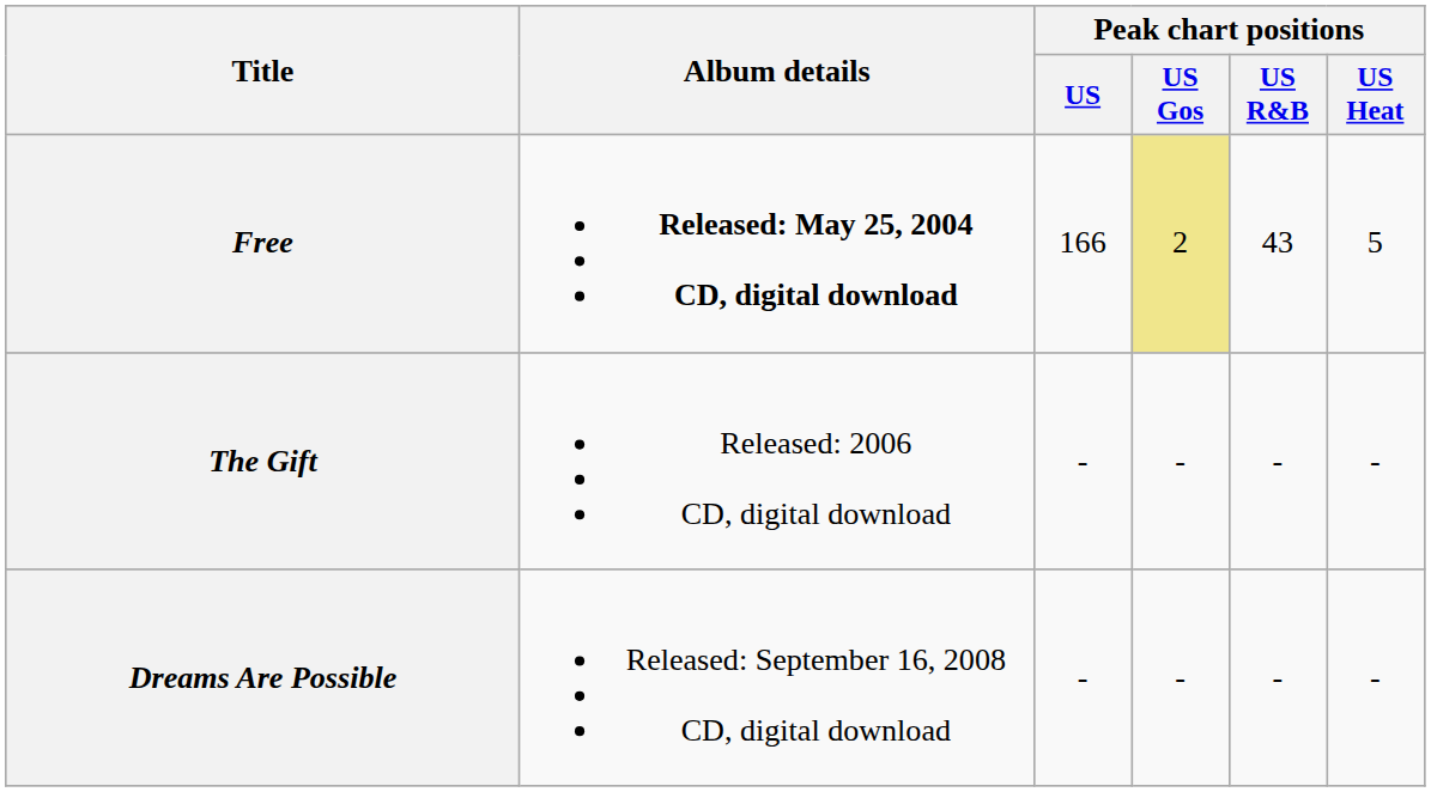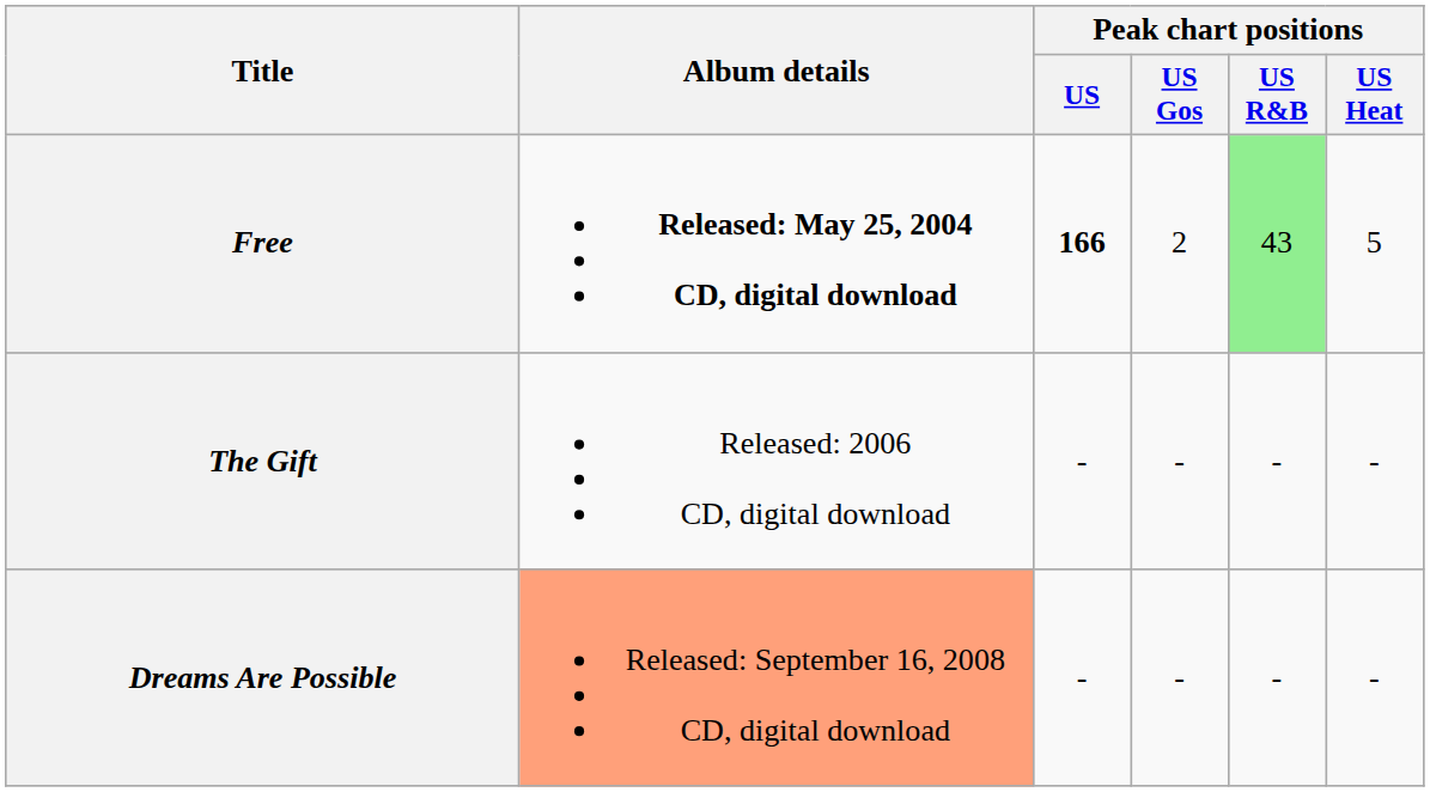 <table class="wikitable plainrowheaders" style="text-align:center;">
 <tr>
 <th scope="col" rowspan="2" style="width:16em;">Title</th>
 <th scope="col" rowspan="2" style="width:16em;">Album details</th>
 <th scope="col" colspan="4">Peak chart positions</th>
 </tr>
 <tr>
 <th style="width:3em; font-size:90%"><a href='#'>US</a></th>
 <th style="width:3em; font-size:90%"><a href='#'>US<br>Gos</a></th>
 <th style="width:3em; font-size:90%"><a href='#'>US<br>R&B</a></th>
 <th style="width:3em; font-size:90%"><a href='#'>US<br>Heat</a></th>
 </tr>
 <tr>
 <th scope="row"><em>Free</em></th>
 <td><strong><br><ul><li>Released: May 25, 2004</li><li></li><li>CD, digital download</li></ul></strong></td>
-<td>166</td>
-<td style="background: khaki;">2</td>
-<td>43</td>
+<td><strong>166</strong></td>
+<td>2</td>
+<td style="background: lightgreen;">43</td>
 <td>5</td>
 </tr>
 <tr>
 <th scope="row"><em>The Gift</em></th>
 <td><br><ul><li>Released: 2006</li><li></li><li>CD, digital download</li></ul></td>
 <td>-</td>
 <td>-</td>
 <td>-</td>
 <td>-</td>
 </tr>
 <tr>
 <th scope="row"><em>Dreams Are Possible</em></th>
-<td><br><ul><li>Released: September 16, 2008</li><li></li><li>CD, digital download</li></ul></td>
+<td style="background: lightsalmon;"><br><ul><li>Released: September 16, 2008</li><li></li><li>CD, digital download</li></ul></td>
 <td>-</td>
 <td>-</td>
 <td>-</td>
 <td>-</td>
 </tr>
 </table>
